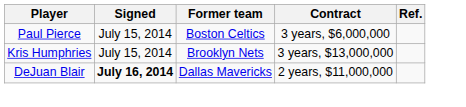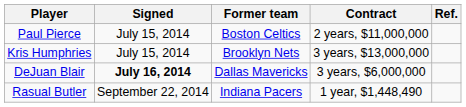 <table class="wikitable sortable sortable" style="text-align: center">
 <tr>
 <th>Player</th>
 <th>Signed</th>
 <th>Former team</th>
 <th>Contract</th>
 <th>Ref.</th>
 </tr>
 <tr>
 <td><a href='#'>Paul Pierce</a></td>
 <td>July 15, 2014</td>
 <td><a href='#'>Boston Celtics</a></td>
-<td>3 years, $6,000,000</td>
+<td>2 years, $11,000,000</td>
 <td></td>
 </tr>
 <tr>
 <td><a href='#'>Kris Humphries</a></td>
 <td>July 15, 2014</td>
 <td><a href='#'>Brooklyn Nets</a></td>
 <td>3 years, $13,000,000</td>
 <td></td>
 </tr>
 <tr>
 <td><a href='#'>DeJuan Blair</a></td>
 <td><strong>July 16, 2014</strong></td>
 <td><a href='#'>Dallas Mavericks</a></td>
-<td>2 years, $11,000,000</td>
+<td>3 years, $6,000,000</td>
+<td></td>
+</tr>
+<tr>
+<td><a href='#'>Rasual Butler</a></td>
+<td>September 22, 2014</td>
+<td><a href='#'>Indiana Pacers</a></td>
+<td>1 year, $1,448,490</td>
 <td></td>
 </tr>
 </table>
